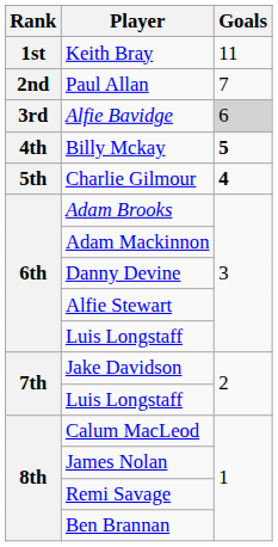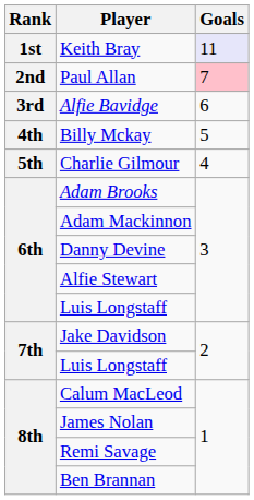 <table class="wikitable">
 <tr>
 <th>Rank</th>
 <th>Player</th>
 <th>Goals</th>
 </tr>
 <tr>
 <th>1st</th>
 <td> <a href='#'>Keith Bray</a></td>
-<td>11</td>
+<td style="background: lavender;">11</td>
 </tr>
 <tr>
 <th>2nd</th>
 <td> <a href='#'>Paul Allan</a></td>
-<td>7</td>
+<td style="background: pink;">7</td>
 </tr>
 <tr>
 <th>3rd</th>
 <td><em> <a href='#'>Alfie Bavidge</a></em></td>
-<td style="background: lightgrey;">6</td>
+<td>6</td>
 </tr>
 <tr>
 <th>4th</th>
 <td> <a href='#'>Billy Mckay</a></td>
-<td><strong>5</strong></td>
+<td>5</td>
 </tr>
 <tr>
 <th>5th</th>
 <td> <a href='#'>Charlie Gilmour</a></td>
-<td><strong>4</strong></td>
+<td>4</td>
 </tr>
 <tr>
 <th rowspan="5">6th</th>
 <td><em> <a href='#'>Adam Brooks</a></em></td>
 <td rowspan="5">3</td>
 </tr>
 <tr>
 <td> <a href='#'>Adam Mackinnon</a></td>
 </tr>
 <tr>
 <td> <a href='#'>Danny Devine</a></td>
 </tr>
 <tr>
 <td> <a href='#'>Alfie Stewart</a></td>
 </tr>
 <tr>
 <td> <a href='#'>Luis Longstaff</a></td>
 </tr>
 <tr>
 <th rowspan="2">7th</th>
 <td> <a href='#'>Jake Davidson</a></td>
 <td rowspan="2">2</td>
 </tr>
 <tr>
 <td> <a href='#'>Luis Longstaff</a></td>
 </tr>
 <tr>
 <th rowspan="4">8th</th>
 <td> <a href='#'>Calum MacLeod</a></td>
 <td rowspan="4">1</td>
 </tr>
 <tr>
 <td> <a href='#'>James Nolan</a></td>
 </tr>
 <tr>
 <td> <a href='#'>Remi Savage</a></td>
 </tr>
 <tr>
 <td> <a href='#'>Ben Brannan</a></td>
 </tr>
 </table>
